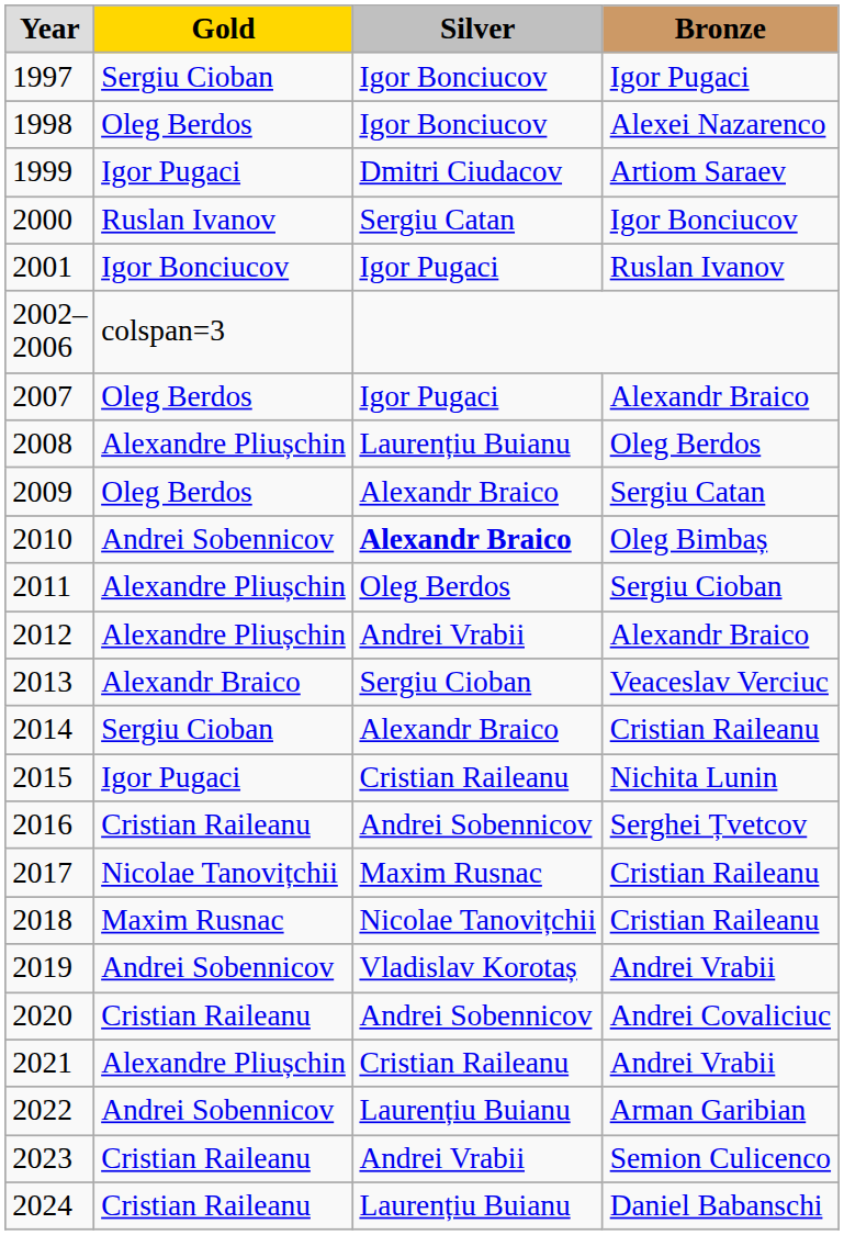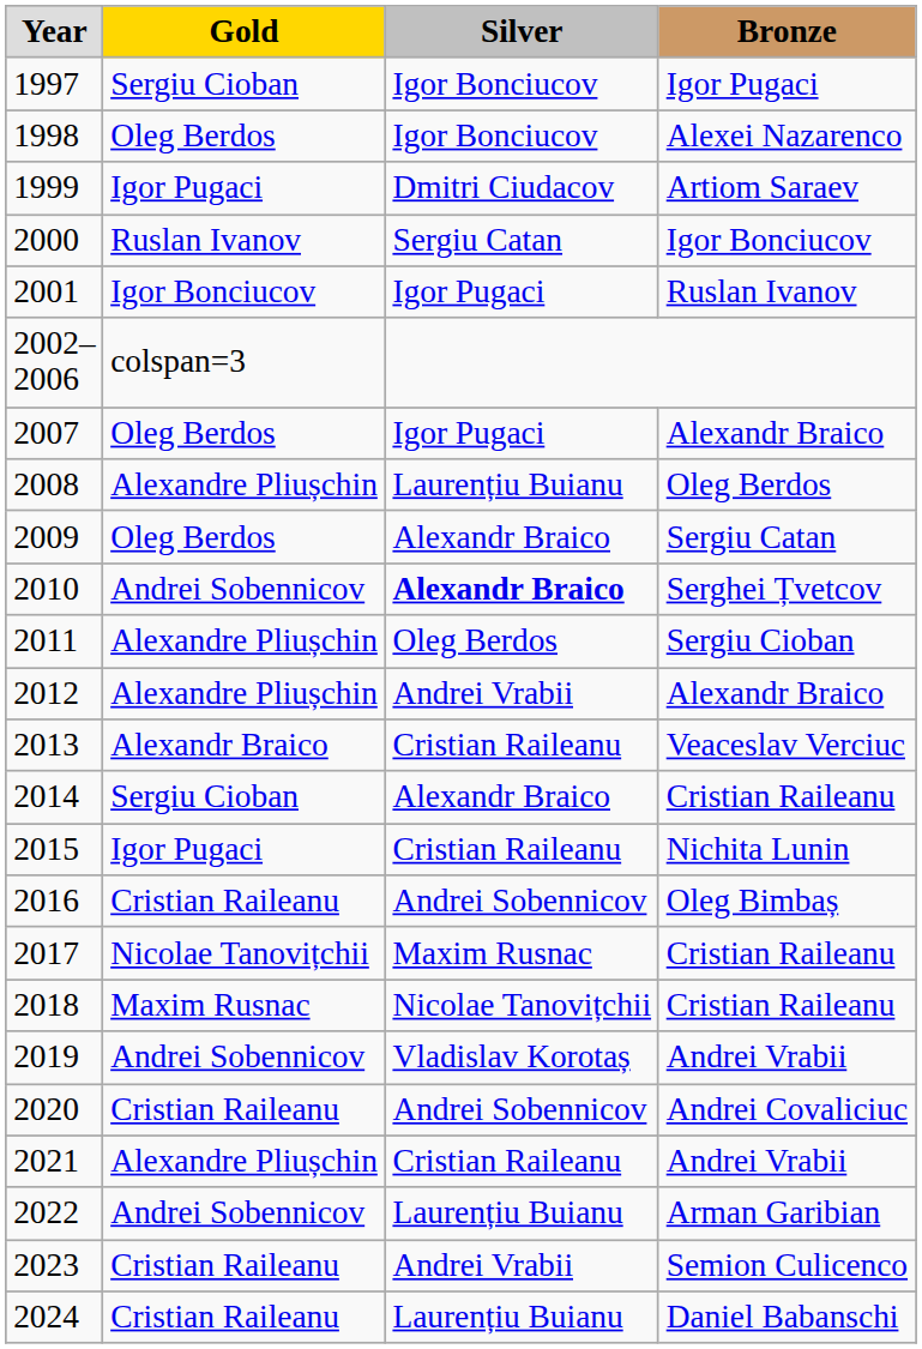 <table class="wikitable" style="text-align:left;">
 <tr>
 <td style="background:#DDDDDD; font-weight:bold; text-align:center;">Year</td>
 <td style="background:gold; font-weight:bold; text-align:center;">Gold</td>
 <td style="background:silver; font-weight:bold; text-align:center;">Silver</td>
 <td style="background:#cc9966; font-weight:bold; text-align:center;">Bronze</td>
 </tr>
 <tr>
 <td>1997</td>
 <td><a href='#'>Sergiu Cioban</a></td>
 <td><a href='#'>Igor Bonciucov </a></td>
 <td><a href='#'>Igor Pugaci</a></td>
 </tr>
 <tr>
 <td>1998</td>
 <td><a href='#'>Oleg Berdos</a></td>
 <td><a href='#'>Igor Bonciucov</a></td>
 <td><a href='#'>Alexei Nazarenco</a></td>
 </tr>
 <tr>
 <td>1999</td>
 <td><a href='#'>Igor Pugaci</a></td>
 <td><a href='#'>Dmitri Ciudacov</a></td>
 <td><a href='#'>Artiom Saraev</a></td>
 </tr>
 <tr>
 <td>2000</td>
 <td><a href='#'>Ruslan Ivanov</a></td>
 <td><a href='#'>Sergiu Catan</a></td>
 <td><a href='#'>Igor Bonciucov</a></td>
 </tr>
 <tr>
 <td>2001</td>
 <td><a href='#'>Igor Bonciucov</a></td>
 <td><a href='#'>Igor Pugaci</a></td>
 <td><a href='#'>Ruslan Ivanov</a></td>
 </tr>
 <tr>
 <td>2002–<br>2006</td>
 <td>colspan=3 </td>
 </tr>
 <tr>
 <td>2007</td>
 <td><a href='#'>Oleg Berdos</a></td>
 <td><a href='#'>Igor Pugaci</a></td>
 <td><a href='#'>Alexandr Braico</a></td>
 </tr>
 <tr>
 <td>2008</td>
 <td><a href='#'>Alexandre Pliușchin</a></td>
 <td><a href='#'>Laurențiu Buianu</a></td>
 <td><a href='#'>Oleg Berdos</a></td>
 </tr>
 <tr>
 <td>2009</td>
 <td><a href='#'>Oleg Berdos</a></td>
 <td><a href='#'>Alexandr Braico</a></td>
 <td><a href='#'>Sergiu Catan</a></td>
 </tr>
 <tr>
 <td>2010</td>
 <td><a href='#'>Andrei Sobennicov</a></td>
 <td><strong><a href='#'>Alexandr Braico</a></strong></td>
-<td><a href='#'>Oleg Bimbaș</a></td>
+<td><a href='#'>Serghei Țvetcov</a></td>
 </tr>
 <tr>
 <td>2011</td>
 <td><a href='#'>Alexandre Pliușchin</a></td>
 <td><a href='#'>Oleg Berdos</a></td>
 <td><a href='#'>Sergiu Cioban</a></td>
 </tr>
 <tr>
 <td>2012</td>
 <td><a href='#'>Alexandre Pliușchin</a></td>
 <td><a href='#'>Andrei Vrabii</a></td>
 <td><a href='#'>Alexandr Braico</a></td>
 </tr>
 <tr>
 <td>2013</td>
 <td><a href='#'>Alexandr Braico</a></td>
-<td><a href='#'>Sergiu Cioban</a></td>
+<td><a href='#'>Cristian Raileanu</a></td>
 <td><a href='#'>Veaceslav Verciuc</a></td>
 </tr>
 <tr>
 <td>2014</td>
 <td><a href='#'>Sergiu Cioban</a></td>
 <td><a href='#'>Alexandr Braico</a></td>
 <td><a href='#'>Cristian Raileanu</a></td>
 </tr>
 <tr>
 <td>2015</td>
 <td><a href='#'>Igor Pugaci</a></td>
 <td><a href='#'>Cristian Raileanu</a></td>
 <td><a href='#'>Nichita Lunin</a></td>
 </tr>
 <tr>
 <td>2016</td>
 <td><a href='#'>Cristian Raileanu</a></td>
 <td><a href='#'>Andrei Sobennicov</a></td>
-<td><a href='#'>Serghei Țvetcov</a></td>
+<td><a href='#'>Oleg Bimbaș</a></td>
 </tr>
 <tr>
 <td>2017</td>
 <td><a href='#'>Nicolae Tanovițchii</a></td>
 <td><a href='#'>Maxim Rusnac</a></td>
 <td><a href='#'>Cristian Raileanu</a></td>
 </tr>
 <tr>
 <td>2018</td>
 <td><a href='#'>Maxim Rusnac</a></td>
 <td><a href='#'>Nicolae Tanovițchii</a></td>
 <td><a href='#'>Cristian Raileanu</a></td>
 </tr>
 <tr>
 <td>2019</td>
 <td><a href='#'>Andrei Sobennicov</a></td>
 <td><a href='#'>Vladislav Korotaș</a></td>
 <td><a href='#'>Andrei Vrabii</a></td>
 </tr>
 <tr>
 <td>2020</td>
 <td><a href='#'>Cristian Raileanu</a></td>
 <td><a href='#'>Andrei Sobennicov</a></td>
 <td><a href='#'>Andrei Covaliciuc</a></td>
 </tr>
 <tr>
 <td>2021</td>
 <td><a href='#'>Alexandre Pliușchin</a></td>
 <td><a href='#'>Cristian Raileanu</a></td>
 <td><a href='#'>Andrei Vrabii</a></td>
 </tr>
 <tr>
 <td>2022</td>
 <td><a href='#'>Andrei Sobennicov</a></td>
 <td><a href='#'>Laurențiu Buianu</a></td>
 <td><a href='#'>Arman Garibian</a></td>
 </tr>
 <tr>
 <td>2023</td>
 <td><a href='#'>Cristian Raileanu</a></td>
 <td><a href='#'>Andrei Vrabii</a></td>
 <td><a href='#'>Semion Culicenco</a></td>
 </tr>
 <tr>
 <td>2024</td>
 <td><a href='#'>Cristian Raileanu</a></td>
 <td><a href='#'>Laurențiu Buianu</a></td>
 <td><a href='#'>Daniel Babanschi</a></td>
 </tr>
 </table>
